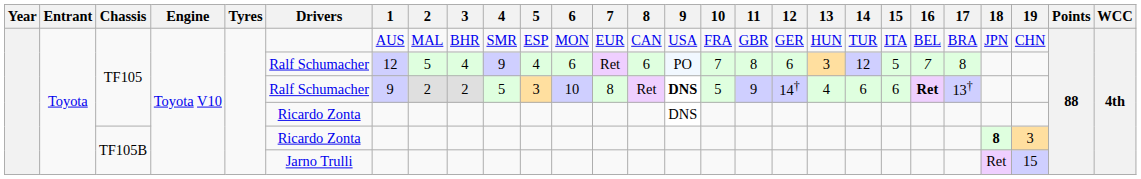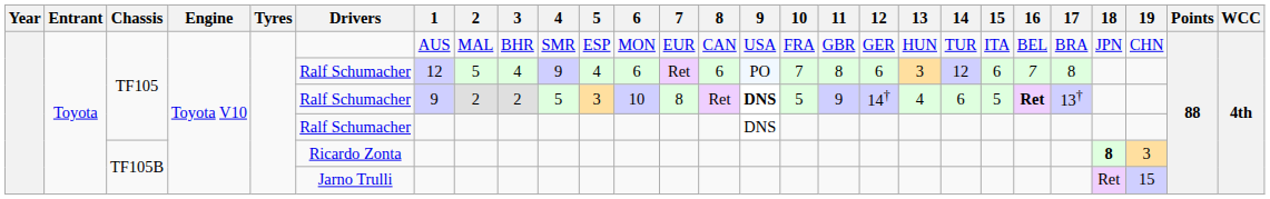 <table class="wikitable" style="text-align:center; font-size:95%">
 <tr>
 <th>Year</th>
 <th>Entrant</th>
 <th>Chassis</th>
 <th>Engine</th>
 <th>Tyres</th>
 <th>Drivers</th>
 <th>1</th>
 <th>2</th>
 <th>3</th>
 <th>4</th>
 <th>5</th>
 <th>6</th>
 <th>7</th>
 <th>8</th>
 <th>9</th>
 <th>10</th>
 <th>11</th>
 <th>12</th>
 <th>13</th>
 <th>14</th>
 <th>15</th>
 <th>16</th>
 <th>17</th>
 <th>18</th>
 <th>19</th>
 <th>Points</th>
 <th>WCC</th>
 </tr>
 <tr>
 <th rowspan="6"></th>
 <td rowspan="6"><a href='#'>Toyota</a></td>
 <td rowspan="4">TF105</td>
 <td rowspan="6"><a href='#'>Toyota</a> <a href='#'>V10</a></td>
 <td rowspan="6"></td>
 <td></td>
 <td><a href='#'>AUS</a></td>
 <td><a href='#'>MAL</a></td>
 <td><a href='#'>BHR</a></td>
 <td><a href='#'>SMR</a></td>
 <td><a href='#'>ESP</a></td>
 <td><a href='#'>MON</a></td>
 <td><a href='#'>EUR</a></td>
 <td><a href='#'>CAN</a></td>
 <td><a href='#'>USA</a></td>
 <td><a href='#'>FRA</a></td>
 <td><a href='#'>GBR</a></td>
 <td><a href='#'>GER</a></td>
 <td><a href='#'>HUN</a></td>
 <td><a href='#'>TUR</a></td>
 <td><a href='#'>ITA</a></td>
 <td><a href='#'>BEL</a></td>
 <td><a href='#'>BRA</a></td>
 <td><a href='#'>JPN</a></td>
 <td><a href='#'>CHN</a></td>
 <th rowspan="6">88</th>
 <th rowspan="6">4th</th>
 </tr>
 <tr>
 <td> <a href='#'>Ralf Schumacher</a></td>
 <td style="background:#CFCFFF;">12</td>
 <td style="background:#DFFFDF;">5</td>
 <td style="background:#DFFFDF;">4</td>
 <td style="background:#CFCFFF;">9</td>
 <td style="background:#DFFFDF;">4</td>
 <td style="background:#DFFFDF;">6</td>
 <td style="background:#EFCFFF;">Ret</td>
 <td style="background:#DFFFDF;">6</td>
 <td style="background:#F1F8FF;">PO</td>
 <td style="background:#DFFFDF;">7</td>
 <td style="background:#DFFFDF;">8</td>
 <td style="background:#DFFFDF;">6</td>
 <td style="background:#FFDF9F;">3</td>
 <td style="background:#CFCFFF;">12</td>
-<td style="background:#DFFFDF;">5</td>
+<td style="background:#DFFFDF;">6</td>
 <td style="background:#DFFFDF;"><em>7</em></td>
 <td style="background:#DFFFDF;">8</td>
 <td></td>
 <td></td>
 </tr>
 <tr>
 <td> <a href='#'>Ralf Schumacher</a></td>
 <td style="background:#CFCFFF;">9</td>
 <td style="background:#DFDFDF;">2</td>
 <td style="background:#DFDFDF;">2</td>
 <td style="background:#DFFFDF;">5</td>
 <td style="background:#FFDF9F;">3</td>
 <td style="background:#CFCFFF;">10</td>
 <td style="background:#DFFFDF;">8</td>
 <td style="background:#EFCFFF;">Ret</td>
 <td style="background:#FFFFFF;"><strong>DNS</strong></td>
 <td style="background:#DFFFDF;">5</td>
 <td style="background:#CFCFFF;">9</td>
 <td style="background:#CFCFFF;">14<sup>†</sup></td>
 <td style="background:#DFFFDF;">4</td>
 <td style="background:#DFFFDF;">6</td>
-<td style="background:#DFFFDF;">6</td>
+<td style="background:#DFFFDF;">5</td>
 <td style="background:#EFCFFF;"><strong>Ret</strong></td>
 <td style="background:#CFCFFF;">13<sup>†</sup></td>
 <td></td>
 <td></td>
 </tr>
 <tr>
-<td> <a href='#'>Ricardo Zonta</a></td>
+<td> <a href='#'>Ralf Schumacher</a></td>
 <td></td>
 <td></td>
 <td></td>
 <td></td>
 <td></td>
 <td></td>
 <td></td>
 <td></td>
 <td style="background:#FFFFFF;">DNS</td>
 <td></td>
 <td></td>
 <td></td>
 <td></td>
 <td></td>
 <td></td>
 <td></td>
 <td></td>
 <td></td>
 <td></td>
 </tr>
 <tr>
 <td rowspan="2">TF105B</td>
 <td> <a href='#'>Ricardo Zonta</a></td>
 <td></td>
 <td></td>
 <td></td>
 <td></td>
 <td></td>
 <td></td>
 <td></td>
 <td></td>
 <td></td>
 <td></td>
 <td></td>
 <td></td>
 <td></td>
 <td></td>
 <td></td>
 <td></td>
 <td></td>
 <td style="background:#DFFFDF;"><strong>8</strong></td>
 <td style="background:#FFDF9F;">3</td>
 </tr>
 <tr>
 <td> <a href='#'>Jarno Trulli</a></td>
 <td></td>
 <td></td>
 <td></td>
 <td></td>
 <td></td>
 <td></td>
 <td></td>
 <td></td>
 <td></td>
 <td></td>
 <td></td>
 <td></td>
 <td></td>
 <td></td>
 <td></td>
 <td></td>
 <td></td>
 <td style="background:#EFCFFF;">Ret</td>
 <td style="background:#CFCFFF;">15</td>
 </tr>
 </table>
